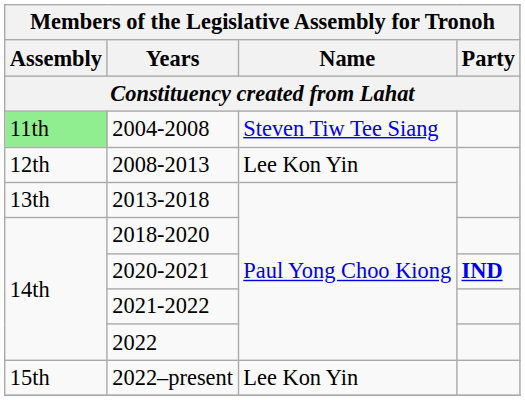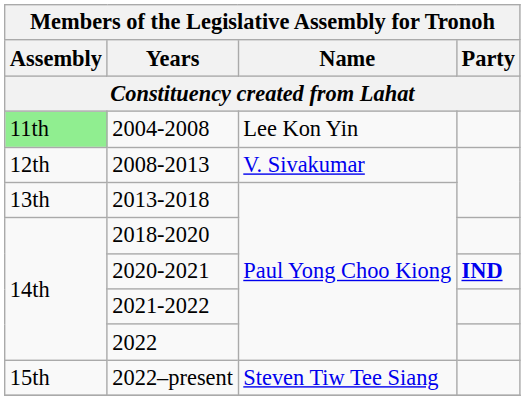 <table class="wikitable">
 <tr>
 <th colspan="4">Members of the Legislative Assembly for Tronoh</th>
 </tr>
 <tr>
 <th>Assembly</th>
 <th>Years</th>
 <th>Name</th>
 <th>Party</th>
 </tr>
 <tr>
 <th colspan="4"><em>Constituency created from Lahat</em></th>
 </tr>
 <tr>
 <td style="background: lightgreen;">11th</td>
 <td>2004-2008</td>
-<td><a href='#'>Steven Tiw Tee Siang</a></td>
+<td>Lee Kon Yin</td>
 <td></td>
 </tr>
 <tr>
 <td>12th</td>
 <td>2008-2013</td>
-<td>Lee Kon Yin</td>
+<td><a href='#'>V. Sivakumar</a></td>
 <td rowspan="2"></td>
 </tr>
 <tr>
 <td>13th</td>
 <td>2013-2018</td>
 <td rowspan="5"><a href='#'>Paul Yong Choo Kiong</a></td>
 </tr>
 <tr>
 <td rowspan="4">14th</td>
 <td>2018-2020</td>
 <td></td>
 </tr>
 <tr>
 <td>2020-2021</td>
 <td><strong><a href='#'>IND</a></strong></td>
 </tr>
 <tr>
 <td>2021-2022</td>
 <td></td>
 </tr>
 <tr>
 <td>2022</td>
 <td></td>
 </tr>
 <tr>
 <td>15th</td>
 <td>2022–present</td>
-<td>Lee Kon Yin</td>
+<td><a href='#'>Steven Tiw Tee Siang</a></td>
 <td></td>
 </tr>
 <tr>
 </tr>
 </table>
